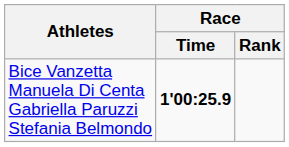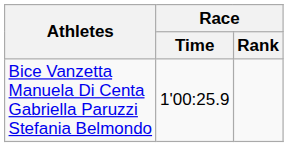 <table class="wikitable" border="1" style="font-size:90%">
 <tr>
 <th rowspan=2>Athletes</th>
 <th colspan=2>Race</th>
 </tr>
 <tr>
 <th>Time</th>
 <th>Rank</th>
 </tr>
 <tr>
 <td><a href='#'>Bice Vanzetta</a><br><a href='#'>Manuela Di Centa</a><br><a href='#'>Gabriella Paruzzi</a><br><a href='#'>Stefania Belmondo</a></td>
-<td align=center><strong>1'00:25.9</strong></td>
+<td align=center>1'00:25.9</td>
 <td align=center></td>
 </tr>
 </table>
